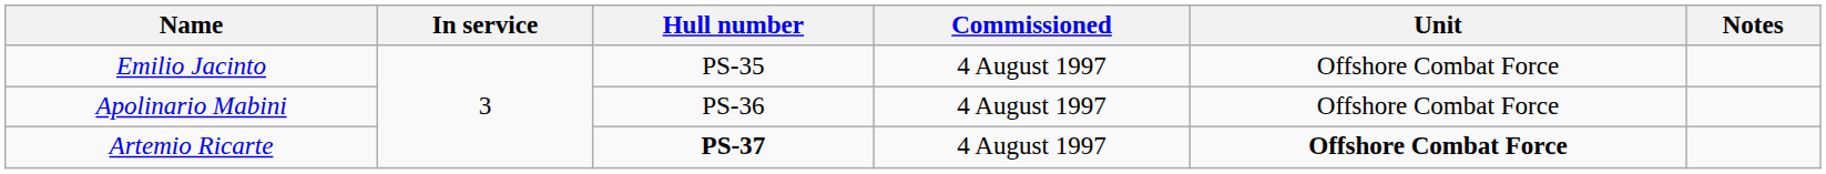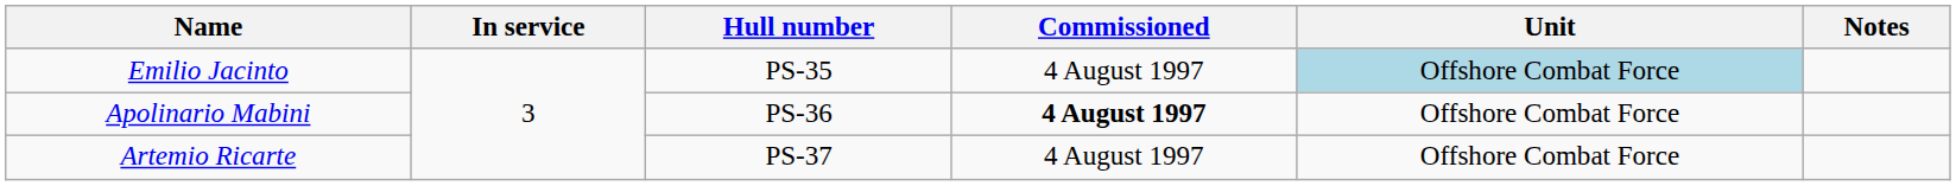 <table class="wikitable"  style="width:90%; text-align:center;">
 <tr style="background:lavender;"'>
 <th>Name</th>
 <th><strong>In service</strong></th>
 <th><a href='#'>Hull number</a></th>
 <th><a href='#'>Commissioned</a></th>
 <th>Unit</th>
 <th>Notes</th>
 </tr>
 <tr>
 <td valign="top"><a href='#'><em>Emilio Jacinto</em></a></td>
 <td rowspan="3">3</td>
 <td>PS-35</td>
 <td>4 August 1997</td>
-<td>Offshore Combat Force</td>
+<td style="background: lightblue;">Offshore Combat Force</td>
 <td></td>
 </tr>
 <tr>
 <td valign="top"><a href='#'><em>Apolinario Mabini</em></a></td>
 <td>PS-36</td>
-<td>4 August 1997</td>
+<td><strong>4 August 1997</strong></td>
 <td>Offshore Combat Force</td>
 <td></td>
 </tr>
 <tr>
 <td valign="top"><a href='#'><em>Artemio Ricarte</em></a></td>
-<td><strong>PS-37</strong></td>
+<td>PS-37</td>
 <td>4 August 1997</td>
-<td><strong>Offshore Combat Force</strong></td>
+<td>Offshore Combat Force</td>
 <td></td>
 </tr>
 </table>
